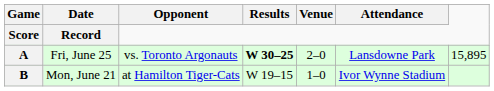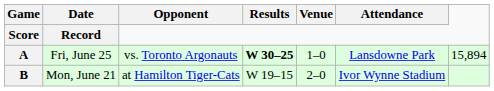 <table class="wikitable" style="text-align:center">
 <tr>
 <th>Game</th>
 <th>Date</th>
 <th>Opponent</th>
 <th>Results</th>
 <th>Venue</th>
 <th>Attendance</th>
 </tr>
 <tr>
 <th>Score</th>
 <th>Record</th>
 </tr>
 <tr style="background:#ddffdd">
 <th>A</th>
 <td>Fri, June 25</td>
 <td>vs. <a href='#'>Toronto Argonauts</a></td>
 <td><strong>W 30–25</strong></td>
-<td>2–0</td>
+<td>1–0</td>
 <td><a href='#'>Lansdowne Park</a></td>
-<td>15,895</td>
+<td>15,894</td>
 </tr>
 <tr style="background:#ddffdd">
 <th>B</th>
 <td>Mon, June 21</td>
 <td>at <a href='#'>Hamilton Tiger-Cats</a></td>
 <td>W 19–15</td>
-<td>1–0</td>
+<td>2–0</td>
 <td><a href='#'>Ivor Wynne Stadium</a></td>
 <td></td>
 </tr>
 </table>
